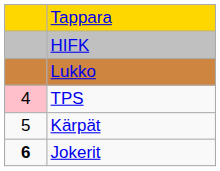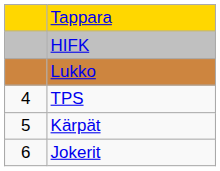 <table class="wikitable" width="200px">
 <tr style="background:#ffd700;">
 <td align=center></td>
 <td> <a href='#'>Tappara</a></td>
 </tr>
 <tr style="background:#c0c0c0;">
 <td align=center></td>
 <td> <a href='#'>HIFK</a></td>
 </tr>
 <tr style="background:#CD853F;">
 <td align=center></td>
 <td> <a href='#'>Lukko</a></td>
 </tr>
 <tr>
-<td align=center style="background: pink;">4</td>
+<td align=center>4</td>
 <td> <a href='#'>TPS</a></td>
 </tr>
 <tr>
 <td align=center>5</td>
 <td> <a href='#'>Kärpät</a></td>
 </tr>
 <tr>
-<td align=center><strong>6</strong></td>
+<td align=center>6</td>
 <td> <a href='#'>Jokerit</a></td>
 </tr>
 </table>
